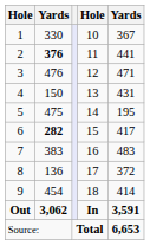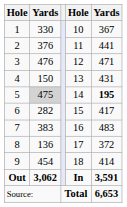 <table class="wikitable" style="text-align:center; font-size:100%;">
 <tr>
 <th>Hole</th>
 <th>Yards</th>
 <th></th>
 <th>Hole</th>
 <th>Yards</th>
 </tr>
 <tr>
 <td>1</td>
 <td>330</td>
 <td rowspan=10 style="background:#E6E8FA;"></td>
 <td>10</td>
 <td>367</td>
 </tr>
 <tr>
 <td>2</td>
-<td><strong>376</strong></td>
+<td>376</td>
 <td>11</td>
 <td>441</td>
 </tr>
 <tr>
 <td>3</td>
 <td>476</td>
 <td>12</td>
 <td>471</td>
 </tr>
 <tr>
 <td>4</td>
 <td>150</td>
 <td>13</td>
 <td>431</td>
 </tr>
 <tr>
 <td>5</td>
-<td>475</td>
+<td style="background: lightgrey;">475</td>
 <td>14</td>
-<td>195</td>
+<td><strong>195</strong></td>
 </tr>
 <tr>
 <td>6</td>
-<td><strong>282</strong></td>
+<td>282</td>
 <td>15</td>
 <td>417</td>
 </tr>
 <tr>
 <td>7</td>
 <td>383</td>
 <td>16</td>
 <td>483</td>
 </tr>
 <tr>
 <td>8</td>
 <td>136</td>
 <td>17</td>
 <td>372</td>
 </tr>
 <tr>
 <td>9</td>
 <td>454</td>
 <td>18</td>
 <td>414</td>
 </tr>
 <tr>
 <td><strong>Out</strong></td>
 <td><strong>3,062</strong></td>
 <td><strong>In</strong></td>
 <td><strong>3,591</strong></td>
 </tr>
 <tr>
 <td colspan=2 align=left><small>Source:</small></td>
 <td colspan=2><strong>Total</strong></td>
 <td><strong>6,653</strong></td>
 </tr>
 </table>
